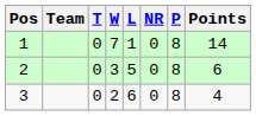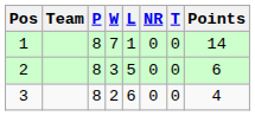 <table class="wikitable">
 <tr>
 <th>Pos</th>
 <th>Team</th>
-<th><a href='#'>T</a></th>
+<th><a href='#'>P</a></th>
 <th><a href='#'>W</a></th>
 <th><a href='#'>L</a></th>
 <th><a href='#'>NR</a></th>
-<th><a href='#'>P</a></th>
+<th><a href='#'>T</a></th>
 <th>Points</th>
 </tr>
 <tr align="center" bgcolor="#ccffcc">
 <td>1</td>
 <td align="left"></td>
-<td>0</td>
+<td>8</td>
 <td>7</td>
 <td>1</td>
 <td>0</td>
-<td>8</td>
+<td>0</td>
 <td>14</td>
 </tr>
 <tr align="center" bgcolor="#ccffcc">
 <td>2</td>
 <td align="left"></td>
-<td>0</td>
+<td>8</td>
 <td>3</td>
 <td>5</td>
 <td>0</td>
-<td>8</td>
+<td>0</td>
 <td>6</td>
 </tr>
 <tr align="center">
 <td>3</td>
 <td align="left"></td>
-<td>0</td>
+<td>8</td>
 <td>2</td>
 <td>6</td>
 <td>0</td>
-<td>8</td>
+<td>0</td>
 <td>4</td>
 </tr>
 </table>
